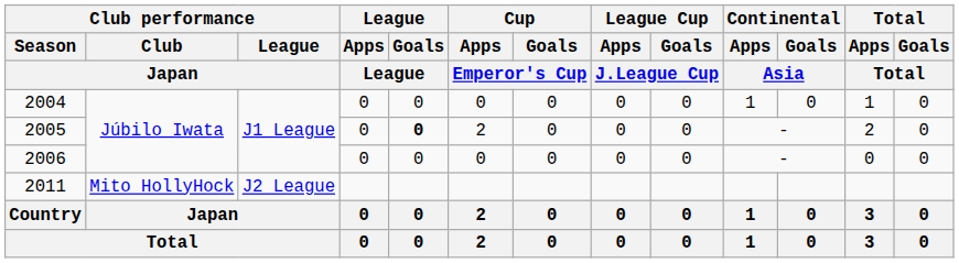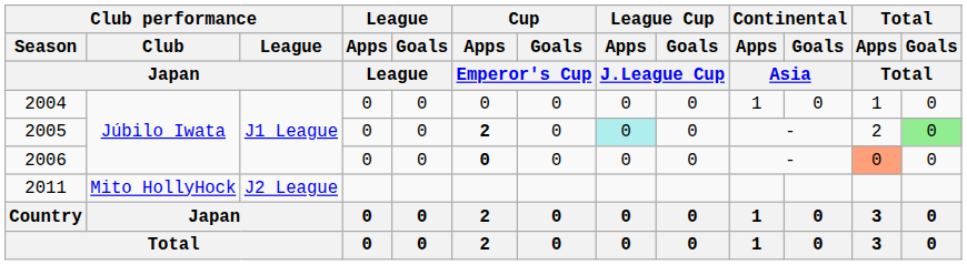 <table class="wikitable" style="text-align:center;">
 <tr>
 <th colspan=3>Club performance</th>
 <th colspan=2>League</th>
 <th colspan=2>Cup</th>
 <th colspan=2>League Cup</th>
 <th colspan=2>Continental</th>
 <th colspan=2>Total</th>
 </tr>
 <tr>
 <th>Season</th>
 <th>Club</th>
 <th>League</th>
 <th>Apps</th>
 <th>Goals</th>
 <th>Apps</th>
 <th>Goals</th>
 <th>Apps</th>
 <th>Goals</th>
 <th>Apps</th>
 <th>Goals</th>
 <th>Apps</th>
 <th>Goals</th>
 </tr>
 <tr>
 <th colspan=3>Japan</th>
 <th colspan=2>League</th>
 <th colspan=2><a href='#'>Emperor's Cup</a></th>
 <th colspan=2><a href='#'>J.League Cup</a></th>
 <th colspan=2><a href='#'>Asia</a></th>
 <th colspan=2>Total</th>
 </tr>
 <tr>
 <td>2004</td>
 <td rowspan="3"><a href='#'>Júbilo Iwata</a></td>
 <td rowspan="3"><a href='#'>J1 League</a></td>
 <td>0</td>
 <td>0</td>
 <td>0</td>
 <td>0</td>
 <td>0</td>
 <td>0</td>
 <td>1</td>
 <td>0</td>
 <td>1</td>
 <td>0</td>
 </tr>
 <tr>
 <td>2005</td>
 <td>0</td>
-<td><strong>0</strong></td>
-<td>2</td>
 <td>0</td>
+<td><strong>2</strong></td>
 <td>0</td>
+<td style="background: paleturquoise;">0</td>
 <td>0</td>
 <td colspan="2">-</td>
 <td>2</td>
-<td>0</td>
+<td style="background: lightgreen;">0</td>
 </tr>
 <tr>
 <td>2006</td>
 <td>0</td>
 <td>0</td>
-<td>0</td>
+<td><strong>0</strong></td>
 <td>0</td>
 <td>0</td>
 <td>0</td>
 <td colspan="2">-</td>
-<td>0</td>
+<td style="background: lightsalmon;">0</td>
 <td>0</td>
 </tr>
 <tr>
 <td>2011</td>
 <td><a href='#'>Mito HollyHock</a></td>
 <td><a href='#'>J2 League</a></td>
 <td></td>
 <td></td>
 <td></td>
 <td></td>
 <td></td>
 <td></td>
 <td></td>
 <td></td>
 <td></td>
 <td></td>
 </tr>
 <tr>
 <th rowspan=1>Country</th>
 <th colspan=2>Japan</th>
 <th>0</th>
 <th>0</th>
 <th>2</th>
 <th>0</th>
 <th>0</th>
 <th>0</th>
 <th>1</th>
 <th>0</th>
 <th>3</th>
 <th>0</th>
 </tr>
 <tr>
 <th colspan=3>Total</th>
 <th>0</th>
 <th>0</th>
 <th>2</th>
 <th>0</th>
 <th>0</th>
 <th>0</th>
 <th>1</th>
 <th>0</th>
 <th>3</th>
 <th>0</th>
 </tr>
 </table>
